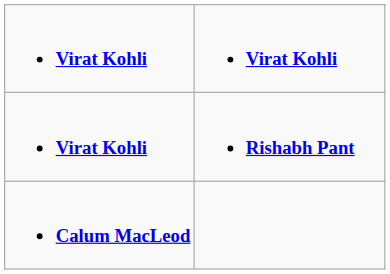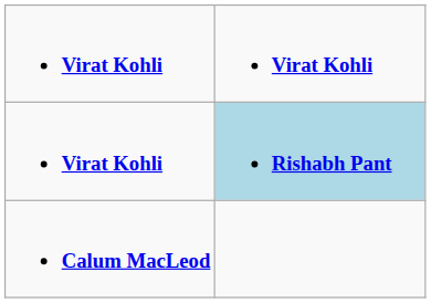 <table class=wikitable>
 <tr>
 <td valign="top" width="50%"><br><ul><li><strong> <a href='#'>Virat Kohli</a></strong></li></ul></td>
 <td valign="top" width="50%"><br><ul><li><strong> <a href='#'>Virat Kohli</a></strong></li></ul></td>
 </tr>
 <tr>
 <td valign="top" width="50%"><br><ul><li><strong> <a href='#'>Virat Kohli</a></strong></li></ul></td>
-<td valign="top" width="50%"><br><ul><li><strong> <a href='#'>Rishabh Pant</a></strong></li></ul></td>
+<td valign="top" width="50%" style="background: lightblue;"><br><ul><li><strong> <a href='#'>Rishabh Pant</a></strong></li></ul></td>
 </tr>
 <tr>
 <td valign="top" width="50%"><br><ul><li><strong> <a href='#'>Calum MacLeod</a></strong></li></ul></td>
 </tr>
 </table>
